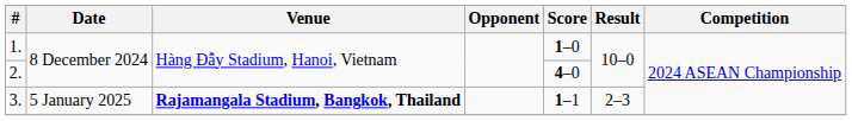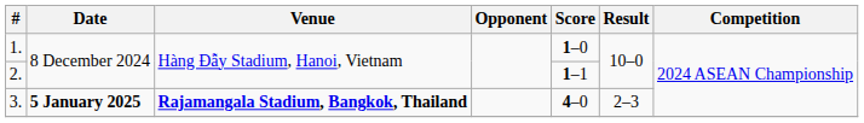 <table class="wikitable" style="font-size:90%">
 <tr>
 <th>#</th>
 <th>Date</th>
 <th>Venue</th>
 <th>Opponent</th>
 <th>Score</th>
 <th>Result</th>
 <th>Competition</th>
 </tr>
 <tr>
 <td>1.</td>
 <td rowspan="2">8 December 2024</td>
 <td rowspan="2"><a href='#'>Hàng Đẫy Stadium</a>, <a href='#'>Hanoi</a>, Vietnam</td>
 <td rowspan="2"></td>
 <td align="center"><strong>1</strong>–0</td>
 <td rowspan="2" align="center">10–0</td>
 <td rowspan="3"><a href='#'>2024 ASEAN Championship</a></td>
 </tr>
 <tr>
 <td>2.</td>
-<td align="center"><strong>4</strong>–0</td>
+<td align="center"><strong>1</strong>–1</td>
 </tr>
 <tr>
 <td>3.</td>
-<td>5 January 2025</td>
+<td><strong>5 January 2025</strong></td>
 <td><strong><a href='#'>Rajamangala Stadium</a>, <a href='#'>Bangkok</a>, Thailand</strong></td>
 <td></td>
-<td align="center"><strong>1</strong>–1</td>
+<td align="center"><strong>4</strong>–0</td>
 <td align="center">2–3</td>
 </tr>
 <tr>
 </tr>
 </table>
